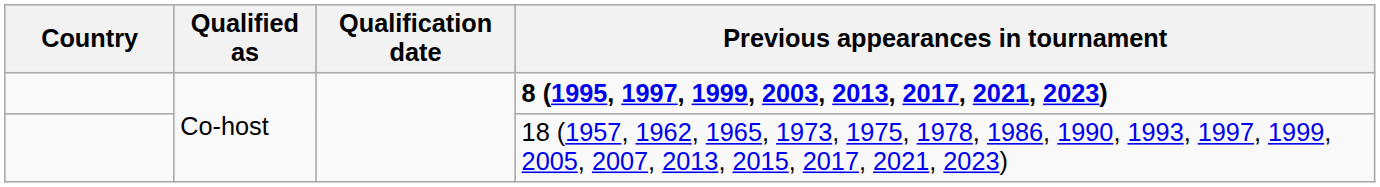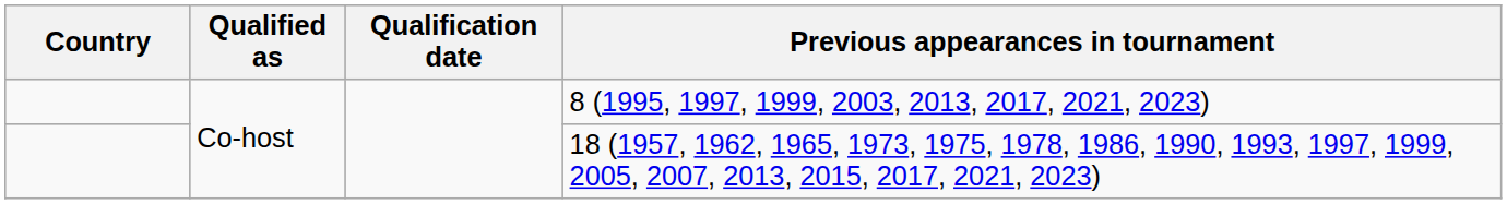 <table class="wikitable sortable">
 <tr>
 <th style="width: 100px;">Country</th>
 <th class="unsortable">Qualified as</th>
 <th>Qualification date</th>
 <th class="unsortable">Previous appearances in tournament</th>
 </tr>
 <tr>
 <td></td>
 <td rowspan=2>Co-host</td>
 <td rowspan=2></td>
-<td><strong>8 (<a href='#'>1995</a>, <a href='#'>1997</a>, <a href='#'>1999</a>, <a href='#'>2003</a>, <a href='#'>2013</a>, <a href='#'>2017</a>, <a href='#'>2021</a>, <a href='#'>2023</a>)</strong></td>
+<td>8 (<a href='#'>1995</a>, <a href='#'>1997</a>, <a href='#'>1999</a>, <a href='#'>2003</a>, <a href='#'>2013</a>, <a href='#'>2017</a>, <a href='#'>2021</a>, <a href='#'>2023</a>)</td>
 </tr>
 <tr>
 <td></td>
 <td>18 (<a href='#'>1957</a>, <a href='#'>1962</a>, <a href='#'>1965</a>, <a href='#'>1973</a>, <a href='#'>1975</a>, <a href='#'>1978</a>, <a href='#'>1986</a>, <a href='#'>1990</a>, <a href='#'>1993</a>, <a href='#'>1997</a>, <a href='#'>1999</a>, <a href='#'>2005</a>, <a href='#'>2007</a>, <a href='#'>2013</a>, <a href='#'>2015</a>, <a href='#'>2017</a>, <a href='#'>2021</a>, <a href='#'>2023</a>)</td>
 </tr>
 </table>
